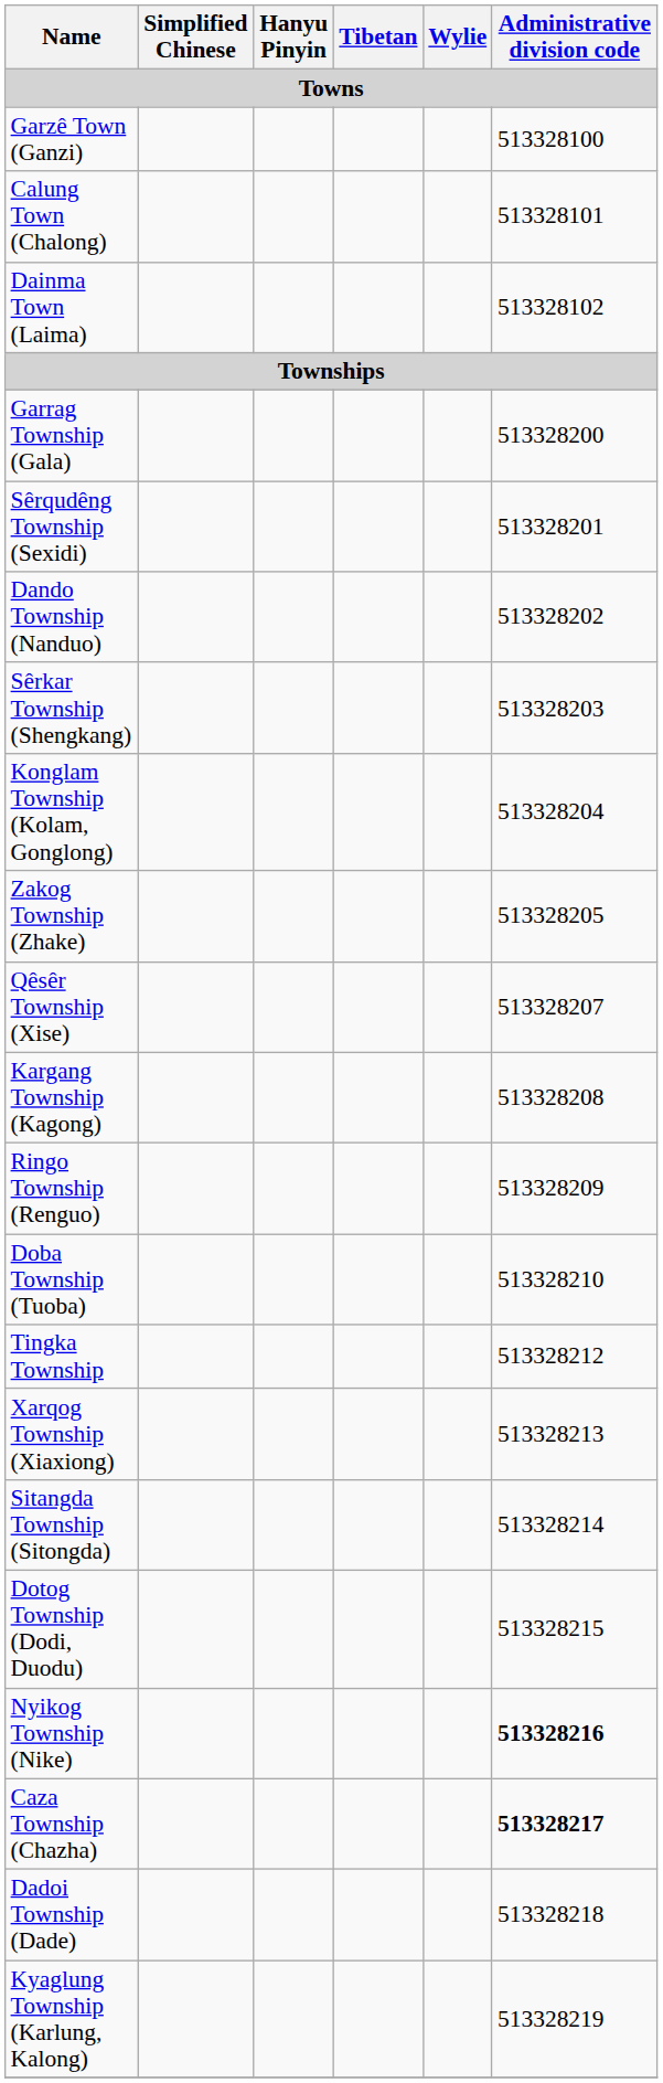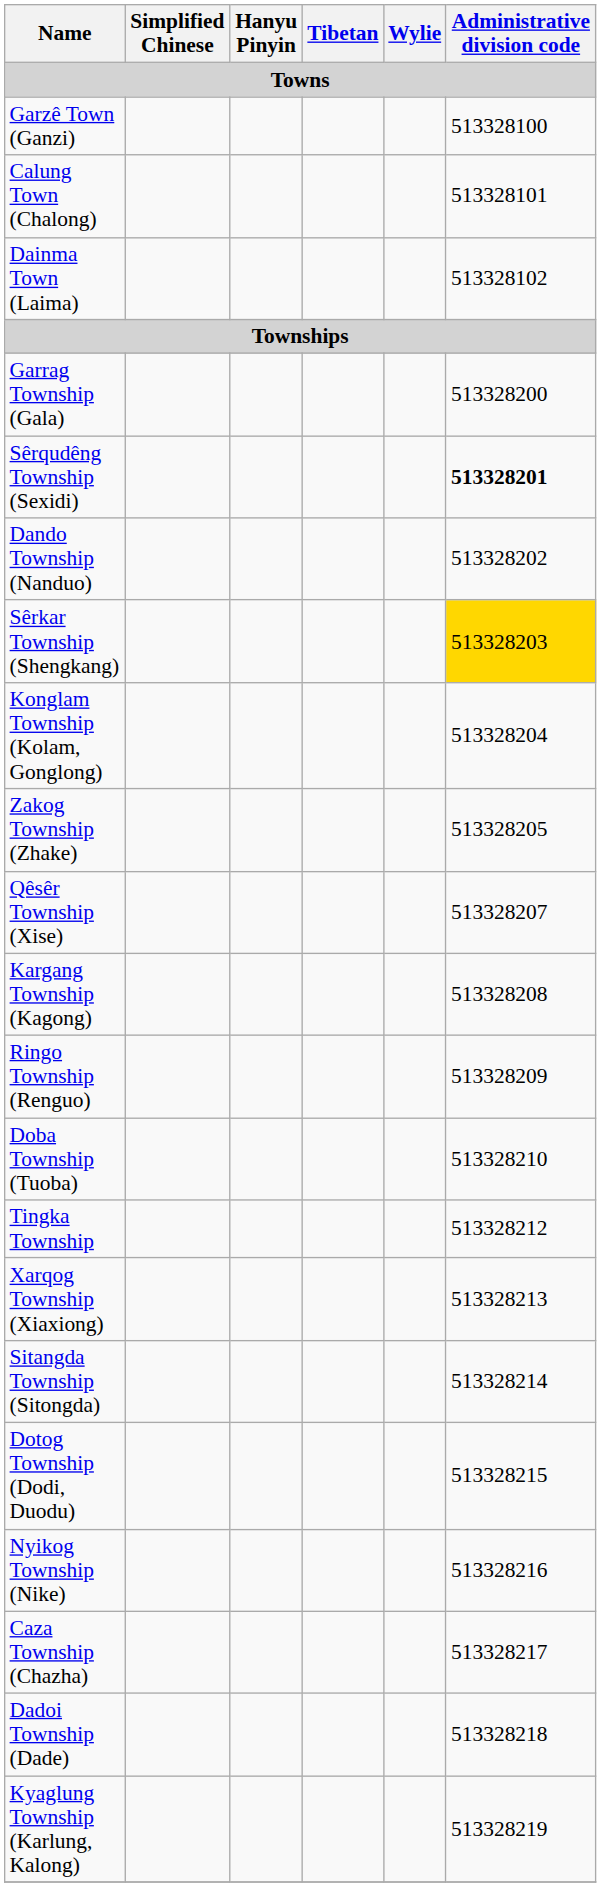 <table class="wikitable" align="center" style="width:50%; border="1">
 <tr>
 <th>Name</th>
 <th>Simplified Chinese</th>
 <th>Hanyu Pinyin</th>
 <th><a href='#'>Tibetan</a></th>
 <th><a href='#'>Wylie</a></th>
 <th><a href='#'>Administrative division code</a></th>
 </tr>
 <tr --------->
 <td colspan="7"  style="text-align:center; background:#d3d3d3;"><strong>Towns</strong></td>
 </tr>
 <tr --------->
 <td><a href='#'>Garzê Town</a><br>(Ganzi)</td>
 <td></td>
 <td></td>
 <td></td>
 <td></td>
 <td>513328100</td>
 </tr>
 <tr>
 <td><a href='#'>Calung Town</a><br>(Chalong)</td>
 <td></td>
 <td></td>
 <td></td>
 <td></td>
 <td>513328101</td>
 </tr>
 <tr>
 <td><a href='#'>Dainma Town</a><br>(Laima)</td>
 <td></td>
 <td></td>
 <td></td>
 <td></td>
 <td>513328102</td>
 </tr>
 <tr --------->
 <td colspan="7"  style="text-align:center; background:#d3d3d3;"><strong>Townships</strong></td>
 </tr>
 <tr --------->
 <td><a href='#'>Garrag Township</a><br>(Gala)</td>
 <td></td>
 <td></td>
 <td></td>
 <td></td>
 <td>513328200</td>
 </tr>
 <tr>
 <td><a href='#'>Sêrqudêng Township</a><br>(Sexidi)</td>
 <td></td>
 <td></td>
 <td></td>
 <td></td>
-<td>513328201</td>
+<td><strong>513328201</strong></td>
 </tr>
 <tr>
 <td><a href='#'>Dando Township</a><br>(Nanduo)</td>
 <td></td>
 <td></td>
 <td></td>
 <td></td>
 <td>513328202</td>
 </tr>
 <tr>
 <td><a href='#'>Sêrkar Township</a><br>(Shengkang)</td>
 <td></td>
 <td></td>
 <td></td>
 <td></td>
-<td>513328203</td>
+<td style="background: gold;">513328203</td>
 </tr>
 <tr>
 <td><a href='#'>Konglam Township</a><br>(Kolam, Gonglong)</td>
 <td></td>
 <td></td>
 <td></td>
 <td></td>
 <td>513328204</td>
 </tr>
 <tr>
 <td><a href='#'>Zakog Township</a><br>(Zhake)</td>
 <td></td>
 <td></td>
 <td></td>
 <td></td>
 <td>513328205</td>
 </tr>
 <tr>
 <td><a href='#'>Qêsêr Township</a><br>(Xise)</td>
 <td></td>
 <td></td>
 <td></td>
 <td></td>
 <td>513328207</td>
 </tr>
 <tr>
 <td><a href='#'>Kargang Township</a><br>(Kagong)</td>
 <td></td>
 <td></td>
 <td></td>
 <td></td>
 <td>513328208</td>
 </tr>
 <tr>
 <td><a href='#'>Ringo Township</a><br>(Renguo)</td>
 <td></td>
 <td></td>
 <td></td>
 <td></td>
 <td>513328209</td>
 </tr>
 <tr>
 <td><a href='#'>Doba Township</a><br>(Tuoba)</td>
 <td></td>
 <td></td>
 <td></td>
 <td></td>
 <td>513328210</td>
 </tr>
 <tr>
 <td><a href='#'>Tingka Township</a></td>
 <td></td>
 <td></td>
 <td></td>
 <td></td>
 <td>513328212</td>
 </tr>
 <tr>
 <td><a href='#'>Xarqog Township</a><br>(Xiaxiong)</td>
 <td></td>
 <td></td>
 <td></td>
 <td></td>
 <td>513328213</td>
 </tr>
 <tr>
 <td><a href='#'>Sitangda Township</a><br>(Sitongda)</td>
 <td></td>
 <td></td>
 <td></td>
 <td></td>
 <td>513328214</td>
 </tr>
 <tr>
 <td><a href='#'>Dotog Township</a><br>(Dodi, Duodu)</td>
 <td></td>
 <td></td>
 <td></td>
 <td></td>
 <td>513328215</td>
 </tr>
 <tr>
 <td><a href='#'>Nyikog Township</a><br>(Nike)</td>
 <td></td>
 <td></td>
 <td></td>
 <td></td>
-<td><strong>513328216</strong></td>
+<td>513328216</td>
 </tr>
 <tr>
 <td><a href='#'>Caza Township</a><br>(Chazha)</td>
 <td></td>
 <td></td>
 <td></td>
 <td></td>
-<td><strong>513328217</strong></td>
+<td>513328217</td>
 </tr>
 <tr>
 <td><a href='#'>Dadoi Township</a><br>(Dade)</td>
 <td></td>
 <td></td>
 <td></td>
 <td></td>
 <td>513328218</td>
 </tr>
 <tr>
 <td><a href='#'>Kyaglung Township</a><br>(Karlung, Kalong)</td>
 <td></td>
 <td></td>
 <td></td>
 <td></td>
 <td>513328219</td>
 </tr>
 <tr>
 </tr>
 </table>
